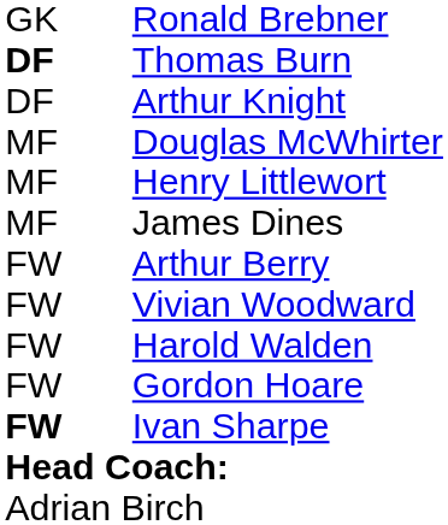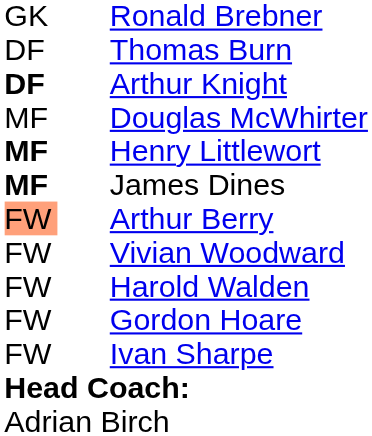 <table style="font-size:90%;margin-left:auto; margin-right:auto;" cellspacing="0" cellpadding="0">
 <tr>
 <th width="25"></th>
 <th width="25"></th>
 </tr>
 <tr>
 <td>GK</td>
 <td></td>
 <td><a href='#'>Ronald Brebner</a></td>
 </tr>
 <tr>
-<td><strong>DF</strong></td>
+<td>DF</td>
 <td></td>
 <td><a href='#'>Thomas Burn</a></td>
 </tr>
 <tr>
-<td>DF</td>
+<td><strong>DF</strong></td>
 <td></td>
 <td><a href='#'>Arthur Knight</a></td>
 </tr>
 <tr>
 <td>MF</td>
 <td></td>
 <td><a href='#'>Douglas McWhirter</a></td>
 </tr>
 <tr>
-<td>MF</td>
+<td><strong>MF</strong></td>
 <td></td>
 <td><a href='#'>Henry Littlewort</a></td>
 </tr>
 <tr>
-<td>MF</td>
+<td><strong>MF</strong></td>
 <td></td>
 <td>James Dines</td>
 </tr>
 <tr>
-<td>FW</td>
+<td style="background: lightsalmon;">FW</td>
 <td></td>
 <td><a href='#'>Arthur Berry</a></td>
 </tr>
 <tr>
 <td>FW</td>
 <td></td>
 <td><a href='#'>Vivian Woodward</a></td>
 </tr>
 <tr>
 <td>FW</td>
 <td></td>
 <td><a href='#'>Harold Walden</a></td>
 </tr>
 <tr>
 <td>FW</td>
 <td></td>
 <td><a href='#'>Gordon Hoare</a></td>
 </tr>
 <tr>
-<td><strong>FW</strong></td>
+<td>FW</td>
 <td></td>
 <td><a href='#'>Ivan Sharpe</a></td>
 </tr>
 <tr>
 <td colspan="4"><strong>Head Coach:</strong></td>
 </tr>
 <tr>
 <td colspan="4"> Adrian Birch</td>
 </tr>
 </table>
